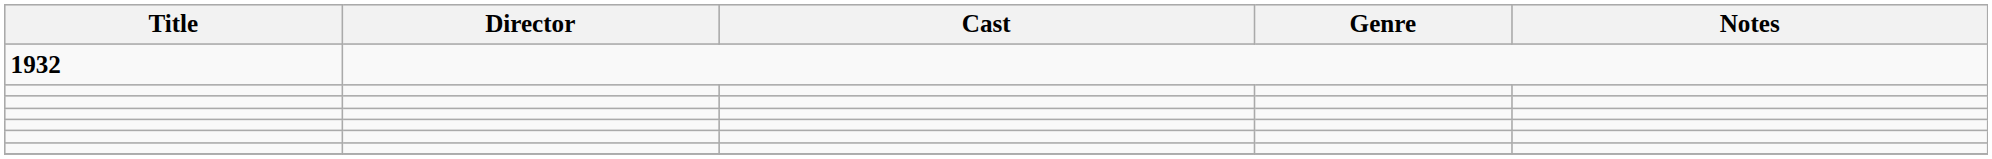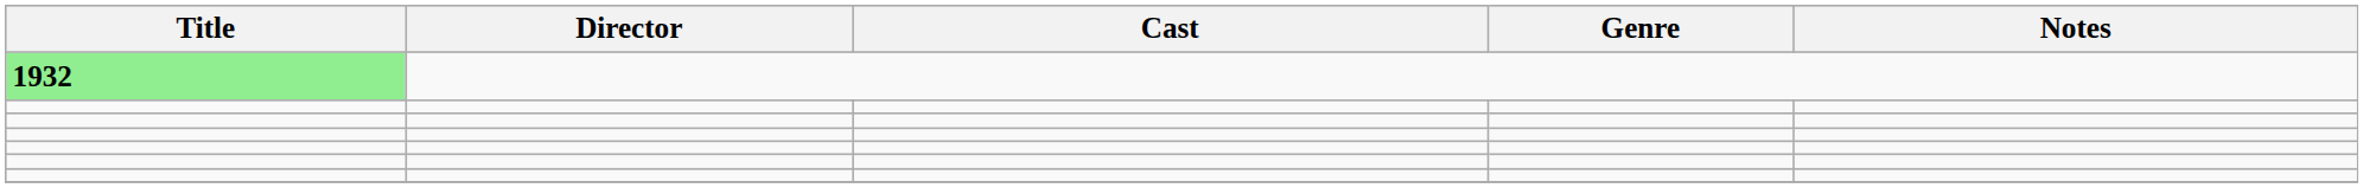 <table class="wikitable" width= "100%">
 <tr>
 <th width=17%>Title</th>
 <th width=19%>Director</th>
 <th width=27%>Cast</th>
 <th width=13%>Genre</th>
 <th width=24%>Notes</th>
 </tr>
 <tr>
-<td><strong>1932</strong></td>
+<td style="background: lightgreen;"><strong>1932</strong></td>
 </tr>
 <tr>
 <td></td>
 <td></td>
 <td></td>
 <td></td>
 <td></td>
 </tr>
 <tr>
 <td></td>
 <td></td>
 <td></td>
 <td></td>
 <td></td>
 </tr>
 <tr>
 <td></td>
 <td></td>
 <td></td>
 <td></td>
 <td></td>
 </tr>
 <tr>
 <td></td>
 <td></td>
 <td></td>
 <td></td>
 <td></td>
 </tr>
 <tr>
 <td></td>
 <td></td>
 <td></td>
 <td></td>
 <td></td>
 </tr>
 <tr>
 <td></td>
 <td></td>
 <td></td>
 <td></td>
 <td></td>
 </tr>
 <tr>
 </tr>
 </table>
